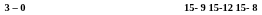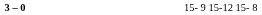 <table width=100% cellspacing=1>
 <tr>
 <th width=20%></th>
 <th width=12%></th>
 <th width=20%></th>
 <th width=33%></th>
 <td></td>
 </tr>
 <tr style=font-size:90%>
 <td align=right></td>
 <td align=center><strong>3 – 0</strong></td>
 <td><strong></strong></td>
-<td><strong>15- 9 15-12 15- 8</strong></td>
+<td>15- 9 15-12 15- 8</td>
 </tr>
 </table>
